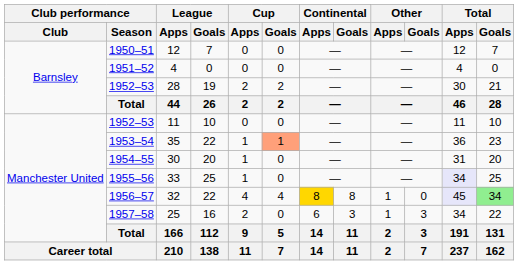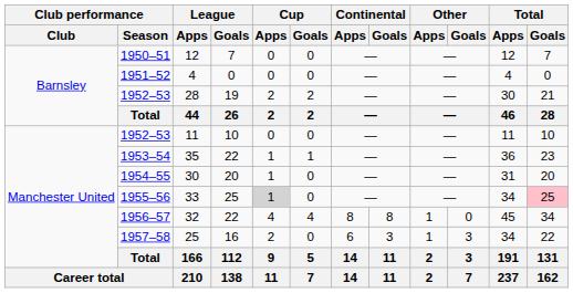 <table class="wikitable" style="text-align:center">
 <tr>
 <th colspan=2>Club performance</th>
 <th colspan=2>League</th>
 <th colspan=2>Cup</th>
 <th colspan=2>Continental</th>
 <th colspan=2>Other</th>
 <th colspan=2>Total</th>
 </tr>
 <tr>
 <th>Club</th>
 <th>Season</th>
 <th>Apps</th>
 <th>Goals</th>
 <th>Apps</th>
 <th>Goals</th>
 <th>Apps</th>
 <th>Goals</th>
 <th>Apps</th>
 <th>Goals</th>
 <th>Apps</th>
 <th>Goals</th>
 </tr>
 <tr>
 <td rowspan="4"><a href='#'>Barnsley</a></td>
 <td><a href='#'>1950–51</a></td>
 <td>12</td>
 <td>7</td>
 <td>0</td>
 <td>0</td>
 <td colspan="2">—</td>
 <td colspan="2">—</td>
 <td>12</td>
 <td>7</td>
 </tr>
 <tr>
 <td><a href='#'>1951–52</a></td>
 <td>4</td>
 <td>0</td>
 <td>0</td>
 <td>0</td>
 <td colspan="2">—</td>
 <td colspan="2">—</td>
 <td>4</td>
 <td>0</td>
 </tr>
 <tr>
 <td><a href='#'>1952–53</a></td>
 <td>28</td>
 <td>19</td>
 <td>2</td>
 <td>2</td>
 <td colspan="2">—</td>
 <td colspan="2">—</td>
 <td>30</td>
 <td>21</td>
 </tr>
 <tr>
 <th>Total</th>
 <th>44</th>
 <th>26</th>
 <th>2</th>
 <th>2</th>
 <th colspan="2">—</th>
 <th colspan="2">—</th>
 <th>46</th>
 <th>28</th>
 </tr>
 <tr>
 <td rowspan=7><a href='#'>Manchester United</a></td>
 <td><a href='#'>1952–53</a></td>
 <td>11</td>
 <td>10</td>
 <td>0</td>
 <td>0</td>
 <td colspan="2">—</td>
 <td colspan="2">—</td>
 <td>11</td>
 <td>10</td>
 </tr>
 <tr>
 <td><a href='#'>1953–54</a></td>
 <td>35</td>
 <td>22</td>
 <td>1</td>
-<td style="background: lightsalmon;">1</td>
+<td>1</td>
 <td colspan="2">—</td>
 <td colspan="2">—</td>
 <td>36</td>
 <td>23</td>
 </tr>
 <tr>
 <td><a href='#'>1954–55</a></td>
 <td>30</td>
 <td>20</td>
 <td>1</td>
 <td>0</td>
 <td colspan="2">—</td>
 <td colspan="2">—</td>
 <td>31</td>
 <td>20</td>
 </tr>
 <tr>
 <td><a href='#'>1955–56</a></td>
 <td>33</td>
 <td>25</td>
-<td>1</td>
+<td style="background: lightgrey;">1</td>
 <td>0</td>
 <td colspan="2">—</td>
 <td colspan="2">—</td>
-<td style="background: lavender;">34</td>
-<td>25</td>
+<td>34</td>
+<td style="background: pink;">25</td>
 </tr>
 <tr>
 <td><a href='#'>1956–57</a></td>
 <td>32</td>
 <td>22</td>
 <td>4</td>
 <td>4</td>
-<td style="background: gold;">8</td>
+<td>8</td>
 <td>8</td>
 <td>1</td>
 <td>0</td>
-<td style="background: lavender;">45</td>
-<td style="background: lightgreen;">34</td>
+<td>45</td>
+<td>34</td>
 </tr>
 <tr>
 <td><a href='#'>1957–58</a></td>
 <td>25</td>
 <td>16</td>
 <td>2</td>
 <td>0</td>
 <td>6</td>
 <td>3</td>
 <td>1</td>
 <td>3</td>
 <td>34</td>
 <td>22</td>
 </tr>
 <tr>
 <th>Total</th>
 <th>166</th>
 <th>112</th>
 <th>9</th>
 <th>5</th>
 <th>14</th>
 <th>11</th>
 <th>2</th>
 <th>3</th>
 <th>191</th>
 <th>131</th>
 </tr>
 <tr>
 <th colspan=2>Career total</th>
 <th>210</th>
 <th>138</th>
 <th>11</th>
 <th>7</th>
 <th>14</th>
 <th>11</th>
 <th>2</th>
 <th>7</th>
 <th>237</th>
 <th>162</th>
 </tr>
 </table>
